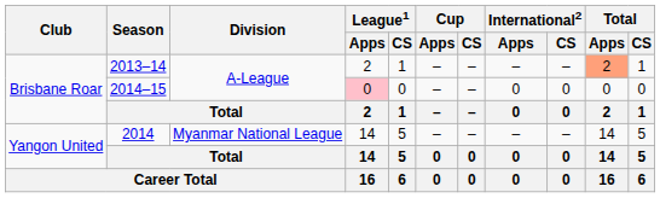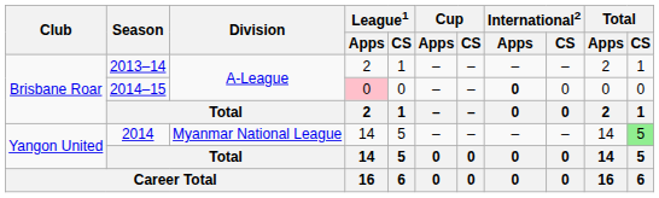 <table class="wikitable" style="font-size:90%; text-align: center">
 <tr>
 <th rowspan="2">Club</th>
 <th rowspan="2">Season</th>
 <th rowspan="2">Division</th>
 <th colspan="2">League<sup>1</sup></th>
 <th colspan="2">Cup</th>
 <th colspan="2">International<sup>2</sup></th>
 <th colspan="2">Total</th>
 </tr>
 <tr>
 <th>Apps</th>
 <th>CS</th>
 <th>Apps</th>
 <th>CS</th>
 <th>Apps</th>
 <th>CS</th>
 <th>Apps</th>
 <th>CS</th>
 </tr>
 <tr>
 <td rowspan="3" valign="center"><a href='#'>Brisbane Roar</a></td>
 <td><a href='#'>2013–14</a></td>
 <td rowspan="2" valign="center"><a href='#'>A-League</a></td>
 <td>2</td>
 <td>1</td>
 <td>–</td>
 <td>–</td>
 <td>–</td>
 <td>–</td>
-<td style="background: lightsalmon;">2</td>
+<td>2</td>
 <td>1</td>
 </tr>
 <tr>
 <td><a href='#'>2014–15</a></td>
 <td style="background: pink;">0</td>
 <td>0</td>
 <td>–</td>
 <td>–</td>
-<td>0</td>
+<td><strong>0</strong></td>
 <td>0</td>
 <td>0</td>
 <td>0</td>
 </tr>
 <tr>
 <th colspan="2">Total</th>
 <th>2</th>
 <th>1</th>
 <th>–</th>
 <th>–</th>
 <th>0</th>
 <th>0</th>
 <th>2</th>
 <th>1</th>
 </tr>
 <tr>
 <td rowspan="2" valign="center"><a href='#'>Yangon United</a></td>
 <td><a href='#'>2014</a></td>
 <td rowspan="1" valign="center"><a href='#'>Myanmar National League</a></td>
 <td>14</td>
 <td>5</td>
 <td>–</td>
 <td>–</td>
 <td>–</td>
 <td>–</td>
 <td>14</td>
-<td>5</td>
+<td style="background: lightgreen;">5</td>
 </tr>
 <tr>
 <th colspan="2">Total</th>
 <th>14</th>
 <th>5</th>
 <th>0</th>
 <th>0</th>
 <th>0</th>
 <th>0</th>
 <th>14</th>
 <th>5</th>
 </tr>
 <tr>
 <th colspan="3">Career Total</th>
 <th>16</th>
 <th>6</th>
 <th>0</th>
 <th>0</th>
 <th>0</th>
 <th>0</th>
 <th>16</th>
 <th>6</th>
 </tr>
 </table>
